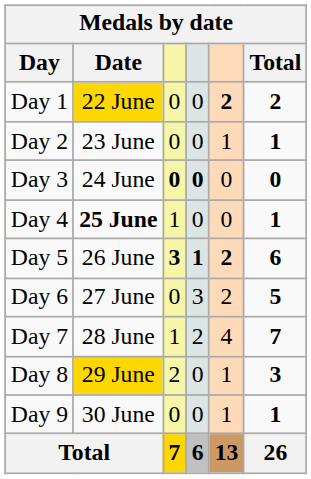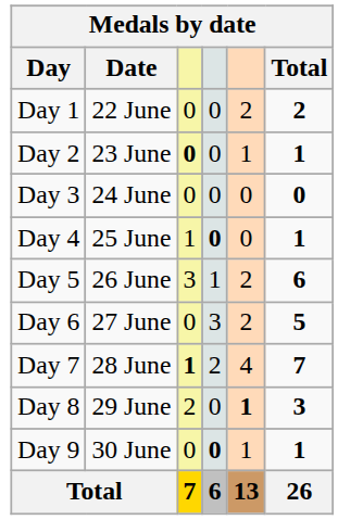 <table class=wikitable style="text-align:center;font-size:85%;float:right;clear:right;">
 <tr bgcolor=efefef>
 <th colspan=6><strong>Medals by date</strong></th>
 </tr>
 <tr>
 <th>Day</th>
 <th>Date</th>
 <td bgcolor=#f7f6a8></td>
 <td bgcolor=#dce5e5></td>
 <td bgcolor=#ffdab9></td>
 <th>Total</th>
 </tr>
 <tr>
 <td>Day 1</td>
-<td style="background: gold;">22 June</td>
+<td>22 June</td>
 <td bgcolor=F7F6A8>0</td>
 <td bgcolor=DCE5E5>0</td>
-<td bgcolor=FFDAB9><strong>2</strong></td>
+<td bgcolor=FFDAB9>2</td>
 <td><strong>2</strong></td>
 </tr>
 <tr>
 <td>Day 2</td>
 <td>23 June</td>
-<td bgcolor=F7F6A8>0</td>
+<td bgcolor=F7F6A8><strong>0</strong></td>
 <td bgcolor=DCE5E5>0</td>
 <td bgcolor=FFDAB9>1</td>
 <td><strong>1</strong></td>
 </tr>
 <tr>
 <td>Day 3</td>
 <td>24 June</td>
-<td bgcolor=F7F6A8><strong>0</strong></td>
-<td bgcolor=DCE5E5><strong>0</strong></td>
+<td bgcolor=F7F6A8>0</td>
+<td bgcolor=DCE5E5>0</td>
 <td bgcolor=FFDAB9>0</td>
 <td><strong>0</strong></td>
 </tr>
 <tr>
 <td>Day 4</td>
-<td><strong>25 June</strong></td>
+<td>25 June</td>
 <td bgcolor=F7F6A8>1</td>
-<td bgcolor=DCE5E5>0</td>
+<td bgcolor=DCE5E5><strong>0</strong></td>
 <td bgcolor=FFDAB9>0</td>
 <td><strong>1</strong></td>
 </tr>
 <tr>
 <td>Day 5</td>
 <td>26 June</td>
-<td bgcolor=F7F6A8><strong>3</strong></td>
-<td bgcolor=DCE5E5><strong>1</strong></td>
-<td bgcolor=FFDAB9><strong>2</strong></td>
+<td bgcolor=F7F6A8>3</td>
+<td bgcolor=DCE5E5>1</td>
+<td bgcolor=FFDAB9>2</td>
 <td><strong>6</strong></td>
 </tr>
 <tr>
 <td>Day 6</td>
 <td>27 June</td>
 <td bgcolor=F7F6A8>0</td>
 <td bgcolor=DCE5E5>3</td>
 <td bgcolor=FFDAB9>2</td>
 <td><strong>5</strong></td>
 </tr>
 <tr>
 <td>Day 7</td>
 <td>28 June</td>
-<td bgcolor=F7F6A8>1</td>
+<td bgcolor=F7F6A8><strong>1</strong></td>
 <td bgcolor=DCE5E5>2</td>
 <td bgcolor=FFDAB9>4</td>
 <td><strong>7</strong></td>
 </tr>
 <tr>
 <td>Day 8</td>
-<td style="background: gold;">29 June</td>
+<td>29 June</td>
 <td bgcolor=F7F6A8>2</td>
 <td bgcolor=DCE5E5>0</td>
-<td bgcolor=FFDAB9>1</td>
+<td bgcolor=FFDAB9><strong>1</strong></td>
 <td><strong>3</strong></td>
 </tr>
 <tr>
 <td>Day 9</td>
 <td>30 June</td>
 <td bgcolor=F7F6A8>0</td>
-<td bgcolor=DCE5E5>0</td>
+<td bgcolor=DCE5E5><strong>0</strong></td>
 <td bgcolor=FFDAB9>1</td>
 <td><strong>1</strong></td>
 </tr>
 <tr>
 <th colspan=2>Total</th>
 <th style="background:gold">7</th>
 <th style="background:silver">6</th>
 <th style="background:#c96">13</th>
 <th>26</th>
 </tr>
 </table>
